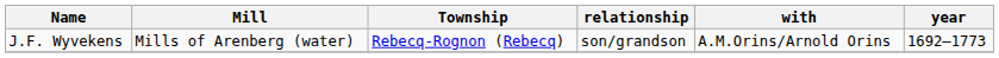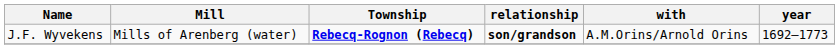 <table class="wikitable" width="100%">
 <tr>
 <th>Name</th>
 <th>Mill</th>
 <th>Township</th>
 <th>relationship</th>
 <th>with</th>
 <th>year</th>
 </tr>
 <tr>
 <td>J.F. Wyvekens</td>
 <td>Mills of Arenberg (water)</td>
-<td><a href='#'>Rebecq-Rognon</a> (<a href='#'>Rebecq</a>)</td>
-<td>son/grandson</td>
+<td><strong><a href='#'>Rebecq-Rognon</a> (<a href='#'>Rebecq</a>)</strong></td>
+<td><strong>son/grandson</strong></td>
 <td>A.M.Orins/Arnold Orins</td>
 <td>1692–1773</td>
 </tr>
 <tr>
 </tr>
 </table>
